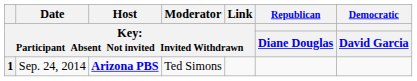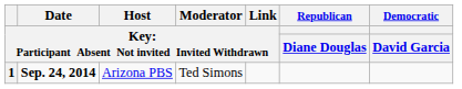 <table class="wikitable" style="text-align:center;">
 <tr>
 <th scope="col"></th>
 <th scope="col">Date</th>
 <th scope="col">Host</th>
 <th scope="col">Moderator</th>
 <th scope="col">Link</th>
 <th scope="col"><small><a href='#'>Republican</a></small></th>
 <th scope="col"><small><a href='#'>Democratic</a></small></th>
 </tr>
 <tr>
 <th colspan="5" rowspan="2">Key:<br> <small>Participant </small>  <small>Absent </small>  <small>Not invited </small>  <small>Invited  Withdrawn</small></th>
 <th scope="col" style="background:"></th>
 <th scope="col" style="background:"></th>
 </tr>
 <tr>
 <th scope="col"><a href='#'>Diane Douglas</a></th>
 <th scope="col"><a href='#'>David Garcia</a></th>
 </tr>
 <tr>
 <th>1</th>
-<td style="white-space:nowrap;">Sep. 24, 2014</td>
-<td style="white-space:nowrap;"><strong><a href='#'>Arizona PBS</a></strong></td>
+<td style="white-space:nowrap;"><strong>Sep. 24, 2014</strong></td>
+<td style="white-space:nowrap;"><a href='#'>Arizona PBS</a></td>
 <td style="white-space:nowrap;">Ted Simons</td>
 <td style="white-space:nowrap;"></td>
 <td></td>
 <td></td>
 </tr>
 </table>
